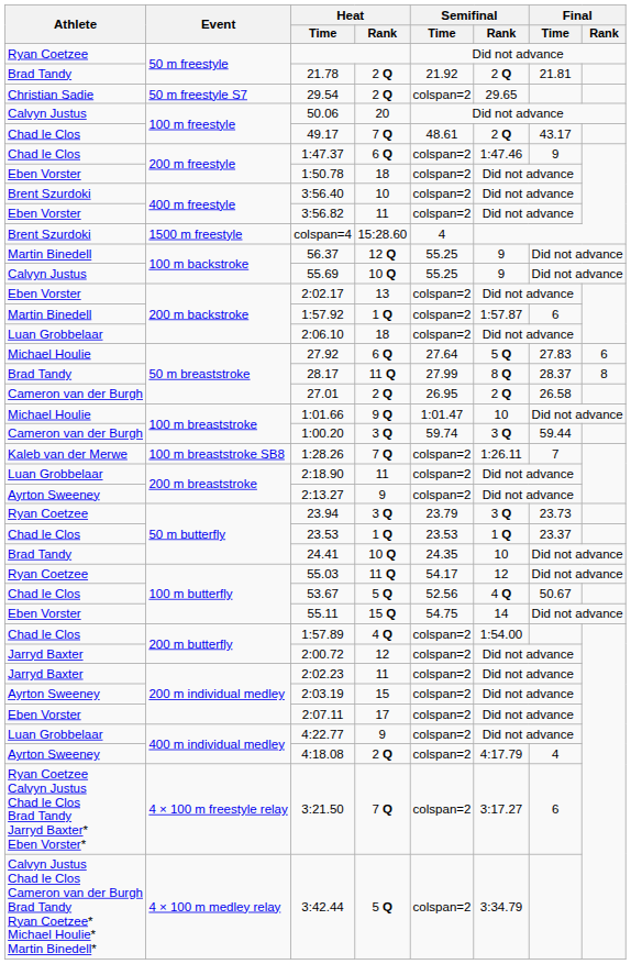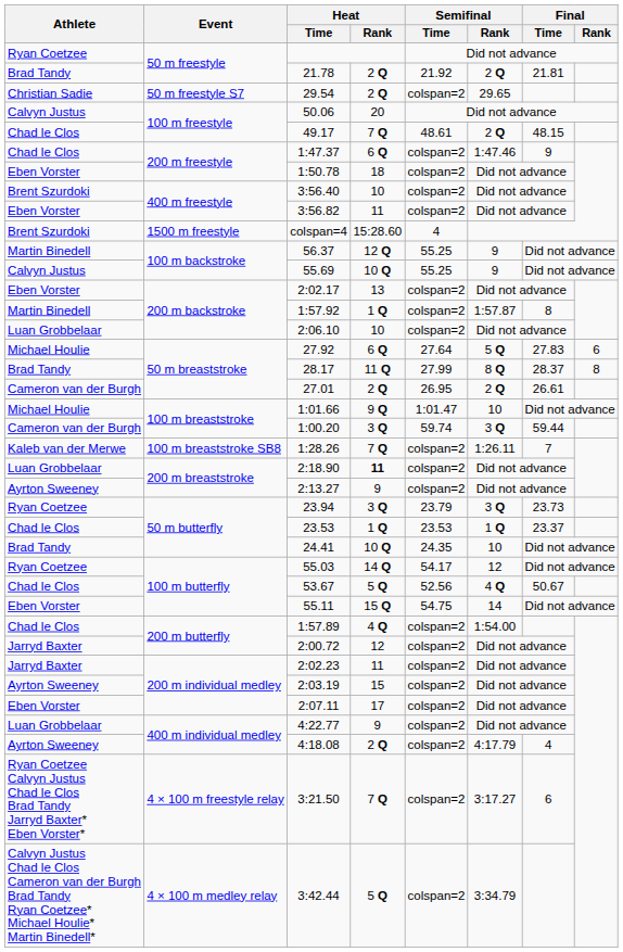 <table class=wikitable style="font-size:90%">
 <tr>
 <th rowspan=2>Athlete</th>
 <th rowspan=2>Event</th>
 <th colspan=2>Heat</th>
 <th colspan=2>Semifinal</th>
 <th colspan=2>Final</th>
 </tr>
 <tr style=font-size:95%>
 <th>Time</th>
 <th>Rank</th>
 <th>Time</th>
 <th>Rank</th>
 <th>Time</th>
 <th>Rank</th>
 </tr>
 <tr align=center>
 <td align=left><a href='#'>Ryan Coetzee</a></td>
 <td align=left rowspan=2><a href='#'>50 m freestyle</a></td>
 <td colspan=2></td>
 <td colspan=4>Did not advance</td>
 </tr>
 <tr align=center>
 <td align=left><a href='#'>Brad Tandy</a></td>
 <td>21.78</td>
 <td>2 <strong>Q</strong></td>
 <td>21.92</td>
 <td>2 <strong>Q</strong></td>
 <td>21.81</td>
 <td></td>
 </tr>
 <tr align=center>
 <td align=left><a href='#'>Christian Sadie</a></td>
 <td align=left><a href='#'>50 m freestyle S7</a></td>
 <td>29.54</td>
 <td>2 <strong>Q</strong></td>
 <td>colspan=2 </td>
 <td>29.65</td>
 <td></td>
 </tr>
 <tr align=center>
 <td align=left><a href='#'>Calvyn Justus</a></td>
 <td align=left rowspan=2><a href='#'>100 m freestyle</a></td>
 <td>50.06</td>
 <td>20</td>
 <td colspan=4>Did not advance</td>
 </tr>
 <tr align=center>
 <td align=left><a href='#'>Chad le Clos</a></td>
 <td>49.17</td>
 <td>7 <strong>Q</strong></td>
 <td>48.61</td>
 <td>2 <strong>Q</strong></td>
-<td>43.17</td>
+<td>48.15</td>
 <td></td>
 </tr>
 <tr align=center>
 <td align=left><a href='#'>Chad le Clos</a></td>
 <td align=left rowspan=2><a href='#'>200 m freestyle</a></td>
 <td>1:47.37</td>
 <td>6 <strong>Q</strong></td>
 <td>colspan=2 </td>
 <td>1:47.46</td>
 <td>9</td>
 </tr>
 <tr align=center>
 <td align=left><a href='#'>Eben Vorster</a></td>
 <td>1:50.78</td>
 <td>18</td>
 <td>colspan=2 </td>
 <td colspan=2>Did not advance</td>
 </tr>
 <tr align=center>
 <td align=left><a href='#'>Brent Szurdoki</a></td>
 <td align=left rowspan=2><a href='#'>400 m freestyle</a></td>
 <td>3:56.40</td>
 <td>10</td>
 <td>colspan=2 </td>
 <td colspan=2>Did not advance</td>
 </tr>
 <tr align=center>
 <td align=left><a href='#'>Eben Vorster</a></td>
 <td>3:56.82</td>
 <td>11</td>
 <td>colspan=2 </td>
 <td colspan=2>Did not advance</td>
 </tr>
 <tr align=center>
 <td align=left><a href='#'>Brent Szurdoki</a></td>
 <td align=left><a href='#'>1500 m freestyle</a></td>
 <td>colspan=4 </td>
 <td>15:28.60</td>
 <td>4</td>
 </tr>
 <tr align=center>
 <td align=left><a href='#'>Martin Binedell</a></td>
 <td align=left rowspan=2><a href='#'>100 m backstroke</a></td>
 <td>56.37</td>
 <td>12 <strong>Q</strong></td>
 <td>55.25</td>
 <td>9</td>
 <td colspan=2>Did not advance</td>
 </tr>
 <tr align=center>
 <td align=left><a href='#'>Calvyn Justus</a></td>
 <td>55.69</td>
 <td>10 <strong>Q</strong></td>
 <td>55.25</td>
 <td>9</td>
 <td colspan=2>Did not advance</td>
 </tr>
 <tr align=center>
 <td align=left><a href='#'>Eben Vorster</a></td>
 <td align=left rowspan=3><a href='#'>200 m backstroke</a></td>
 <td>2:02.17</td>
 <td>13</td>
 <td>colspan=2 </td>
 <td colspan=2>Did not advance</td>
 </tr>
 <tr align=center>
 <td align=left><a href='#'>Martin Binedell</a></td>
 <td>1:57.92</td>
 <td>1 <strong>Q</strong></td>
 <td>colspan=2 </td>
 <td>1:57.87</td>
-<td>6</td>
+<td>8</td>
 </tr>
 <tr align=center>
 <td align=left><a href='#'>Luan Grobbelaar</a></td>
 <td>2:06.10</td>
-<td>18</td>
+<td>10</td>
 <td>colspan=2 </td>
 <td colspan=2>Did not advance</td>
 </tr>
 <tr align=center>
 <td align=left><a href='#'>Michael Houlie</a></td>
 <td align=left rowspan=3><a href='#'>50 m breaststroke</a></td>
 <td>27.92</td>
 <td>6 <strong>Q</strong></td>
 <td>27.64</td>
 <td>5 <strong>Q</strong></td>
 <td>27.83</td>
 <td>6</td>
 </tr>
 <tr align=center>
 <td align=left><a href='#'>Brad Tandy</a></td>
 <td>28.17</td>
 <td>11 <strong>Q</strong></td>
 <td>27.99</td>
 <td>8 <strong>Q</strong></td>
 <td>28.37</td>
 <td>8</td>
 </tr>
 <tr align=center>
 <td align=left><a href='#'>Cameron van der Burgh</a></td>
 <td>27.01</td>
 <td>2 <strong>Q</strong></td>
 <td>26.95</td>
 <td>2 <strong>Q</strong></td>
-<td>26.58</td>
+<td>26.61</td>
 <td></td>
 </tr>
 <tr align=center>
 <td align=left><a href='#'>Michael Houlie</a></td>
 <td align=left rowspan=2><a href='#'>100 m breaststroke</a></td>
 <td>1:01.66</td>
 <td>9 <strong>Q</strong></td>
 <td>1:01.47</td>
 <td>10</td>
 <td colspan=2>Did not advance</td>
 </tr>
 <tr align=center>
 <td align=left><a href='#'>Cameron van der Burgh</a></td>
 <td>1:00.20</td>
 <td>3 <strong>Q</strong></td>
 <td>59.74</td>
 <td>3 <strong>Q</strong></td>
 <td>59.44</td>
 <td></td>
 </tr>
 <tr align=center>
 <td align=left><a href='#'>Kaleb van der Merwe</a></td>
 <td align=left><a href='#'>100 m breaststroke SB8</a></td>
 <td>1:28.26</td>
 <td>7 <strong>Q</strong></td>
 <td>colspan=2 </td>
 <td>1:26.11</td>
 <td>7</td>
 </tr>
 <tr align=center>
 <td align=left><a href='#'>Luan Grobbelaar</a></td>
 <td align=left rowspan=2><a href='#'>200 m breaststroke</a></td>
 <td>2:18.90</td>
-<td>11</td>
+<td><strong>11</strong></td>
 <td>colspan=2 </td>
 <td colspan=2>Did not advance</td>
 </tr>
 <tr align=center>
 <td align=left><a href='#'>Ayrton Sweeney</a></td>
 <td>2:13.27</td>
 <td>9</td>
 <td>colspan=2 </td>
 <td colspan=2>Did not advance</td>
 </tr>
 <tr align=center>
 <td align=left><a href='#'>Ryan Coetzee</a></td>
 <td align=left rowspan=3><a href='#'>50 m butterfly</a></td>
 <td>23.94</td>
 <td>3 <strong>Q</strong></td>
 <td>23.79</td>
 <td>3 <strong>Q</strong></td>
 <td>23.73</td>
 <td></td>
 </tr>
 <tr align=center>
 <td align=left><a href='#'>Chad le Clos</a></td>
 <td>23.53</td>
 <td>1 <strong>Q</strong></td>
 <td>23.53</td>
 <td>1 <strong>Q</strong></td>
 <td>23.37</td>
 <td></td>
 </tr>
 <tr align=center>
 <td align=left><a href='#'>Brad Tandy</a></td>
 <td>24.41</td>
 <td>10 <strong>Q</strong></td>
 <td>24.35</td>
 <td>10</td>
 <td Colspan=2>Did not advance</td>
 </tr>
 <tr align=center>
 <td align=left><a href='#'>Ryan Coetzee</a></td>
 <td align=left rowspan=3><a href='#'>100 m butterfly</a></td>
 <td>55.03</td>
-<td>11 <strong>Q</strong></td>
+<td>14 <strong>Q</strong></td>
 <td>54.17</td>
 <td>12</td>
 <td colspan=2>Did not advance</td>
 </tr>
 <tr align=center>
 <td align=left><a href='#'>Chad le Clos</a></td>
 <td>53.67</td>
 <td>5 <strong>Q</strong></td>
 <td>52.56</td>
 <td>4 <strong>Q</strong></td>
 <td>50.67</td>
 <td></td>
 </tr>
 <tr align=center>
 <td align=left><a href='#'>Eben Vorster</a></td>
 <td>55.11</td>
 <td>15 <strong>Q</strong></td>
 <td>54.75</td>
 <td>14</td>
 <td colspan=2>Did not advance</td>
 </tr>
 <tr align=center>
 <td align=left><a href='#'>Chad le Clos</a></td>
 <td align=left rowspan=2><a href='#'>200 m butterfly</a></td>
 <td>1:57.89</td>
 <td>4 <strong>Q</strong></td>
 <td>colspan=2 </td>
 <td>1:54.00</td>
 <td></td>
 </tr>
 <tr align=center>
 <td align=left><a href='#'>Jarryd Baxter</a></td>
 <td>2:00.72</td>
 <td>12</td>
 <td>colspan=2 </td>
 <td colspan=2>Did not advance</td>
 </tr>
 <tr align=center>
 <td align=left><a href='#'>Jarryd Baxter</a></td>
 <td align=left rowspan=3><a href='#'>200 m individual medley</a></td>
 <td>2:02.23</td>
 <td>11</td>
 <td>colspan=2 </td>
 <td colspan=2>Did not advance</td>
 </tr>
 <tr align=center>
 <td align=left><a href='#'>Ayrton Sweeney</a></td>
 <td>2:03.19</td>
 <td>15</td>
 <td>colspan=2 </td>
 <td colspan=2>Did not advance</td>
 </tr>
 <tr align=center>
 <td align=left><a href='#'>Eben Vorster</a></td>
 <td>2:07.11</td>
 <td>17</td>
 <td>colspan=2 </td>
 <td colspan=2>Did not advance</td>
 </tr>
 <tr align=center>
 <td align=left><a href='#'>Luan Grobbelaar</a></td>
 <td align=left rowspan=2><a href='#'>400 m individual medley</a></td>
 <td>4:22.77</td>
 <td>9</td>
 <td>colspan=2 </td>
 <td colspan=2>Did not advance</td>
 </tr>
 <tr align=center>
 <td align=left><a href='#'>Ayrton Sweeney</a></td>
 <td>4:18.08</td>
 <td>2 <strong>Q</strong></td>
 <td>colspan=2 </td>
 <td>4:17.79</td>
 <td>4</td>
 </tr>
 <tr align=center>
 <td align=left><a href='#'>Ryan Coetzee</a><br><a href='#'>Calvyn Justus</a><br><a href='#'>Chad le Clos</a><br><a href='#'>Brad Tandy</a><br><a href='#'>Jarryd Baxter</a>*<br><a href='#'>Eben Vorster</a>*</td>
 <td align=left><a href='#'>4 × 100 m freestyle relay</a></td>
 <td>3:21.50</td>
 <td>7 <strong>Q</strong></td>
 <td>colspan=2 </td>
 <td>3:17.27</td>
 <td>6</td>
 </tr>
 <tr align=center>
 <td align=left><a href='#'>Calvyn Justus</a><br><a href='#'>Chad le Clos</a><br><a href='#'>Cameron van der Burgh</a><br><a href='#'>Brad Tandy</a><br><a href='#'>Ryan Coetzee</a>*<br><a href='#'>Michael Houlie</a>*<br><a href='#'>Martin Binedell</a>*</td>
 <td align=left><a href='#'>4 × 100 m medley relay</a></td>
 <td>3:42.44</td>
 <td>5 <strong>Q</strong></td>
 <td>colspan=2 </td>
 <td>3:34.79</td>
 <td></td>
 </tr>
 </table>
